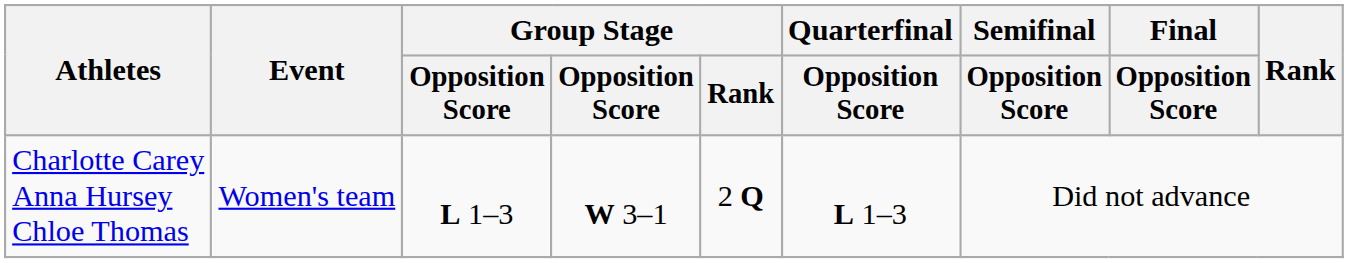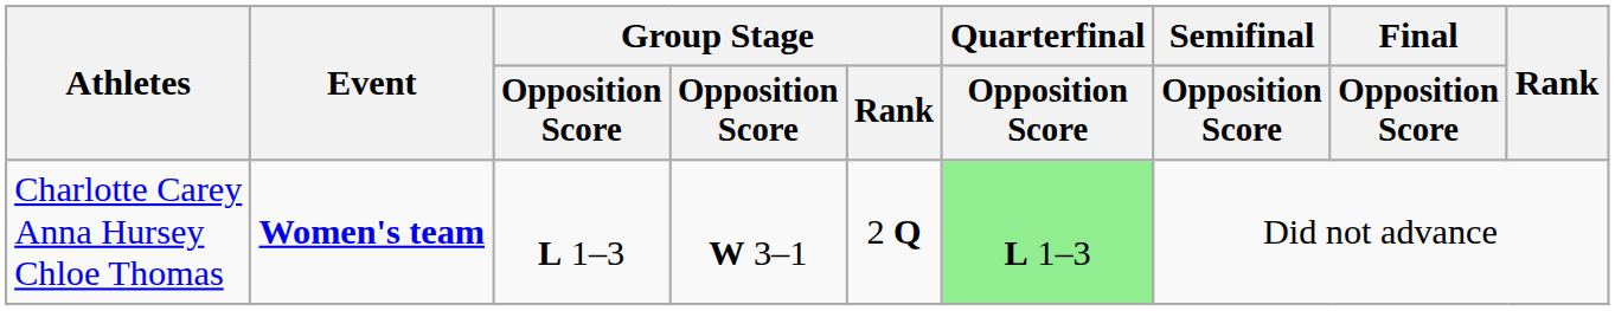 <table class="wikitable" style="font-size:90%">
 <tr>
 <th rowspan=2>Athletes</th>
 <th rowspan=2>Event</th>
 <th colspan=3>Group Stage</th>
 <th>Quarterfinal</th>
 <th>Semifinal</th>
 <th>Final</th>
 <th rowspan=2>Rank</th>
 </tr>
 <tr style="font-size:95%">
 <th>Opposition<br>Score</th>
 <th>Opposition<br>Score</th>
 <th>Rank</th>
 <th>Opposition<br>Score</th>
 <th>Opposition<br>Score</th>
 <th>Opposition<br>Score</th>
 </tr>
 <tr align=center>
 <td align=left><a href='#'>Charlotte Carey</a><br><a href='#'>Anna Hursey</a><br><a href='#'>Chloe Thomas</a></td>
-<td align=left><a href='#'>Women's team</a></td>
+<td align=left><strong><a href='#'>Women's team</a></strong></td>
 <td><br><strong>L</strong> 1–3</td>
 <td><br><strong>W</strong> 3–1</td>
 <td>2 <strong>Q</strong></td>
-<td><br><strong>L</strong> 1–3</td>
+<td style="background: lightgreen;"><br><strong>L</strong> 1–3</td>
 <td Colspan=3>Did not advance</td>
 </tr>
 </table>
